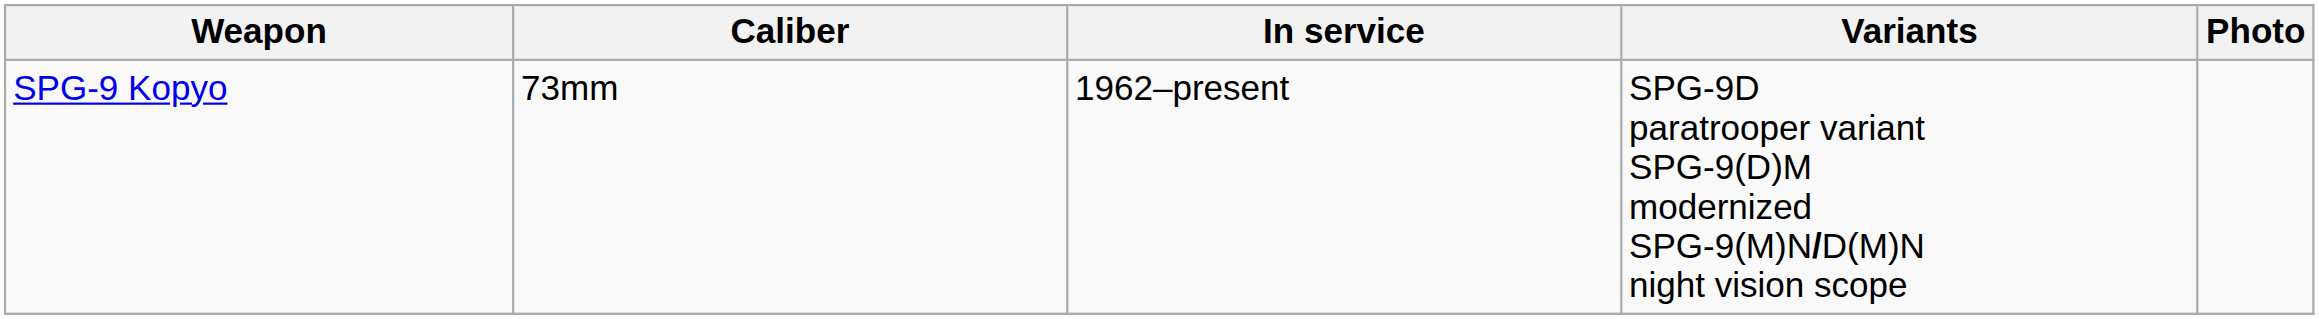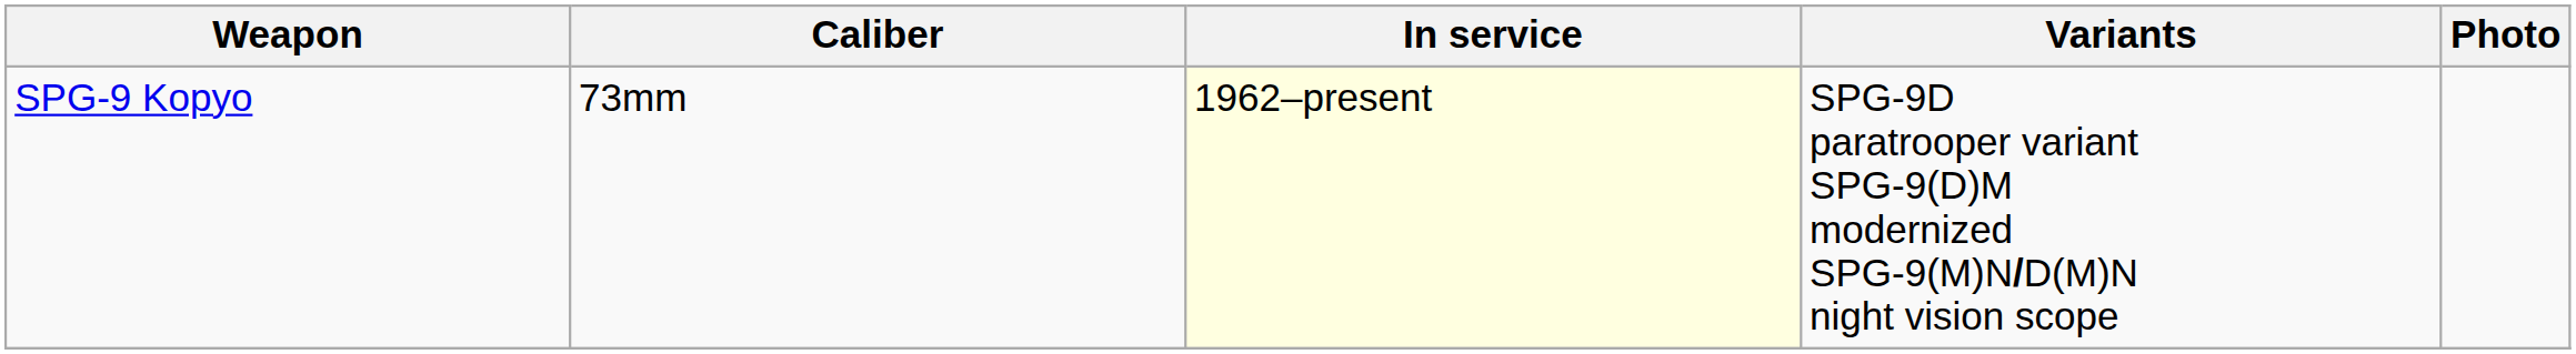 <table class="wikitable">
 <tr>
 <th style="width:22%;", align=left>Weapon</th>
 <th style="width:24%;", align=left>Caliber</th>
 <th style="width:24%;", align=left>In service</th>
 <th style="width:25%;", align=left>Variants</th>
 <th style="width:29%;">Photo</th>
 </tr>
 <tr>
 <td align=left, valign=top><a href='#'>SPG-9 Kopyo</a></td>
 <td align=left, valign=top>73mm</td>
-<td align=left, valign=top>1962–present</td>
+<td align=left, valign=top style="background: lightyellow;">1962–present</td>
 <td align=left, valign=top>SPG-9D<br>paratrooper variant<br>SPG-9(D)M<br>modernized<br>SPG-9(M)N<strong>/</strong>D(M)N<br>night vision scope</td>
 <td align=center></td>
 </tr>
 <tr>
 </tr>
 </table>
